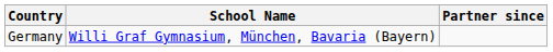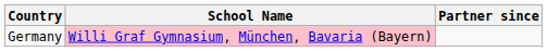 <table class="wikitable" style="text-align:center;">
 <tr class="hintergrundfarbe5">
 <th>Country</th>
 <th>School Name</th>
 <th>Partner since</th>
 </tr>
 <tr>
 <td>Germany </td>
-<td><a href='#'>Willi Graf Gymnasium</a>, <a href='#'>München</a>, <a href='#'>Bavaria</a> (Bayern)</td>
+<td style="background: pink;"><a href='#'>Willi Graf Gymnasium</a>, <a href='#'>München</a>, <a href='#'>Bavaria</a> (Bayern)</td>
 </tr>
 </table>
